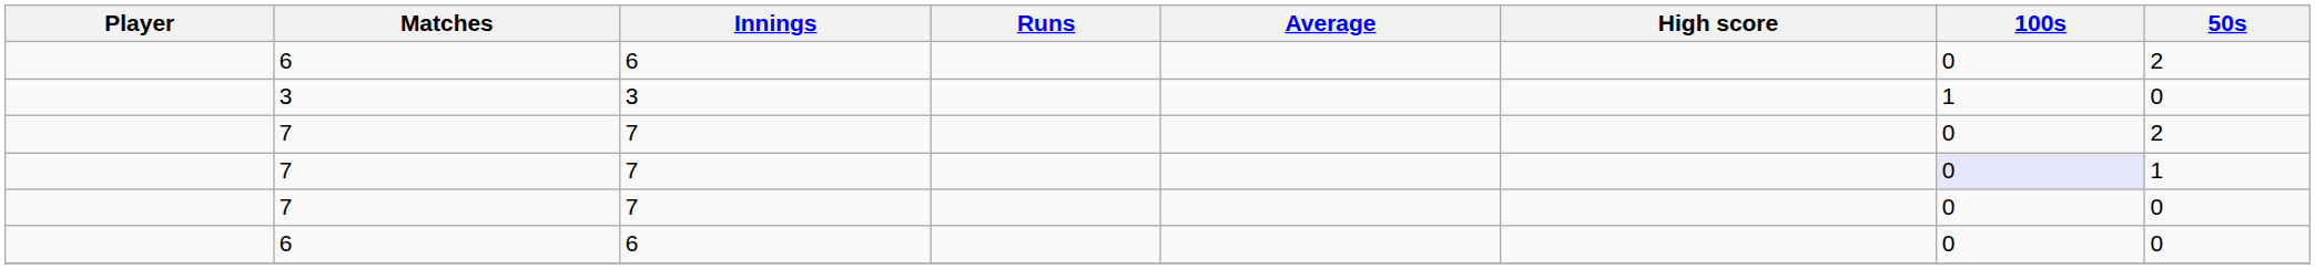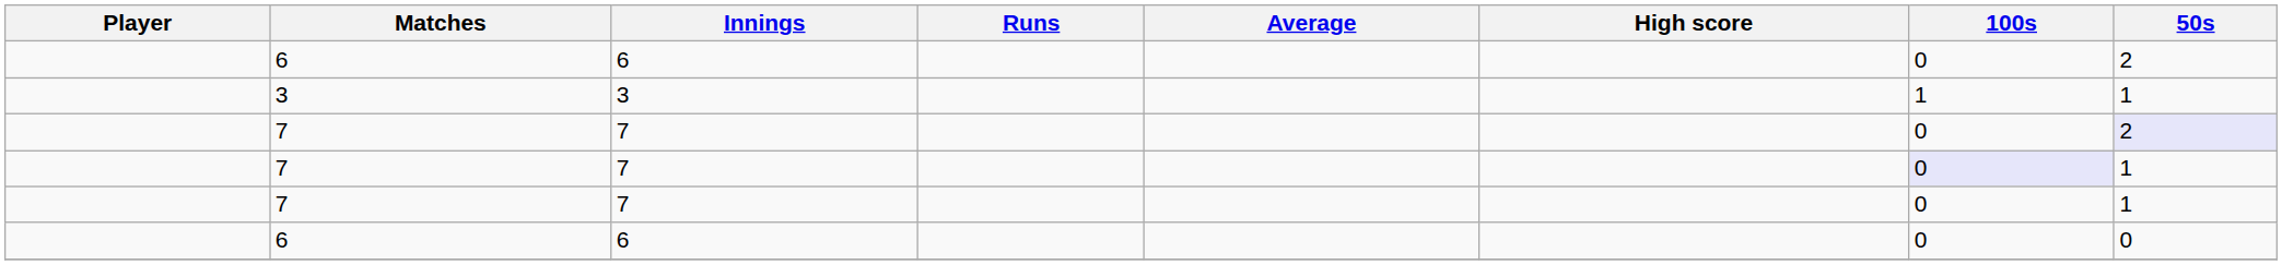 <table class="wikitable sortable" style="width:80%;">
 <tr>
 <th>Player</th>
 <th>Matches</th>
 <th><a href='#'>Innings</a></th>
 <th><a href='#'>Runs</a></th>
 <th><a href='#'>Average</a></th>
 <th>High score</th>
 <th><a href='#'>100s</a></th>
 <th><a href='#'>50s</a></th>
 </tr>
 <tr>
 <td></td>
 <td>6</td>
 <td>6</td>
 <td></td>
 <td></td>
 <td></td>
 <td>0</td>
 <td>2</td>
 </tr>
 <tr>
 <td></td>
 <td>3</td>
 <td>3</td>
 <td></td>
 <td></td>
 <td></td>
 <td>1</td>
-<td>0</td>
+<td>1</td>
 </tr>
 <tr>
 <td></td>
 <td>7</td>
 <td>7</td>
 <td></td>
 <td></td>
 <td></td>
 <td>0</td>
-<td>2</td>
+<td style="background: lavender;">2</td>
 </tr>
 <tr>
 <td></td>
 <td>7</td>
 <td>7</td>
 <td></td>
 <td></td>
 <td></td>
 <td style="background: lavender;">0</td>
 <td>1</td>
 </tr>
 <tr>
 <td></td>
 <td>7</td>
 <td>7</td>
 <td></td>
 <td></td>
 <td></td>
 <td>0</td>
-<td>0</td>
+<td>1</td>
 </tr>
 <tr>
 <td></td>
 <td>6</td>
 <td>6</td>
 <td></td>
 <td></td>
 <td></td>
 <td>0</td>
 <td>0</td>
 </tr>
 <tr>
 </tr>
 </table>
